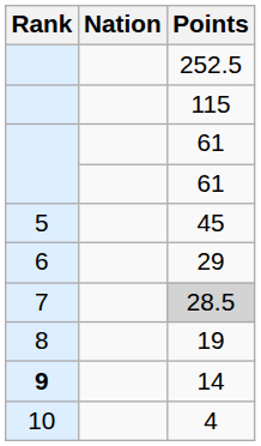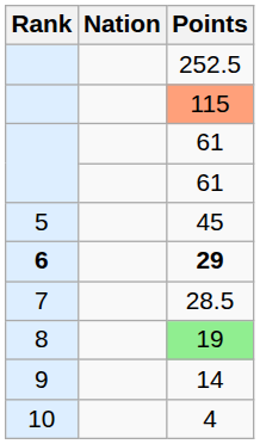 <table class="wikitable sortable" style="text-align:center">
 <tr>
 <th>Rank</th>
 <th>Nation</th>
 <th>Points</th>
 </tr>
 <tr>
 <td bgcolor = DDEEFF></td>
 <td align=left></td>
 <td>252.5</td>
 </tr>
 <tr>
 <td bgcolor = DDEEFF></td>
 <td align=left></td>
-<td>115</td>
+<td style="background: lightsalmon;">115</td>
 </tr>
 <tr>
 <td rowspan = "2" bgcolor = DDEEFF></td>
 <td align=left></td>
 <td>61</td>
 </tr>
 <tr>
 <td align=left></td>
 <td>61</td>
 </tr>
 <tr>
 <td bgcolor = DDEEFF>5</td>
 <td align=left></td>
 <td>45</td>
 </tr>
 <tr>
-<td bgcolor = DDEEFF>6</td>
+<td bgcolor = DDEEFF><strong>6</strong></td>
 <td align=left></td>
-<td>29</td>
+<td><strong>29</strong></td>
 </tr>
 <tr>
 <td bgcolor = DDEEFF>7</td>
 <td align=left></td>
-<td style="background: lightgrey;">28.5</td>
+<td>28.5</td>
 </tr>
 <tr>
 <td bgcolor = DDEEFF>8</td>
 <td align=left></td>
-<td>19</td>
+<td style="background: lightgreen;">19</td>
 </tr>
 <tr>
-<td bgcolor = DDEEFF><strong>9</strong></td>
+<td bgcolor = DDEEFF>9</td>
 <td align=left></td>
 <td>14</td>
 </tr>
 <tr>
 <td bgcolor = DDEEFF>10</td>
 <td align=left></td>
 <td>4</td>
 </tr>
 </table>
